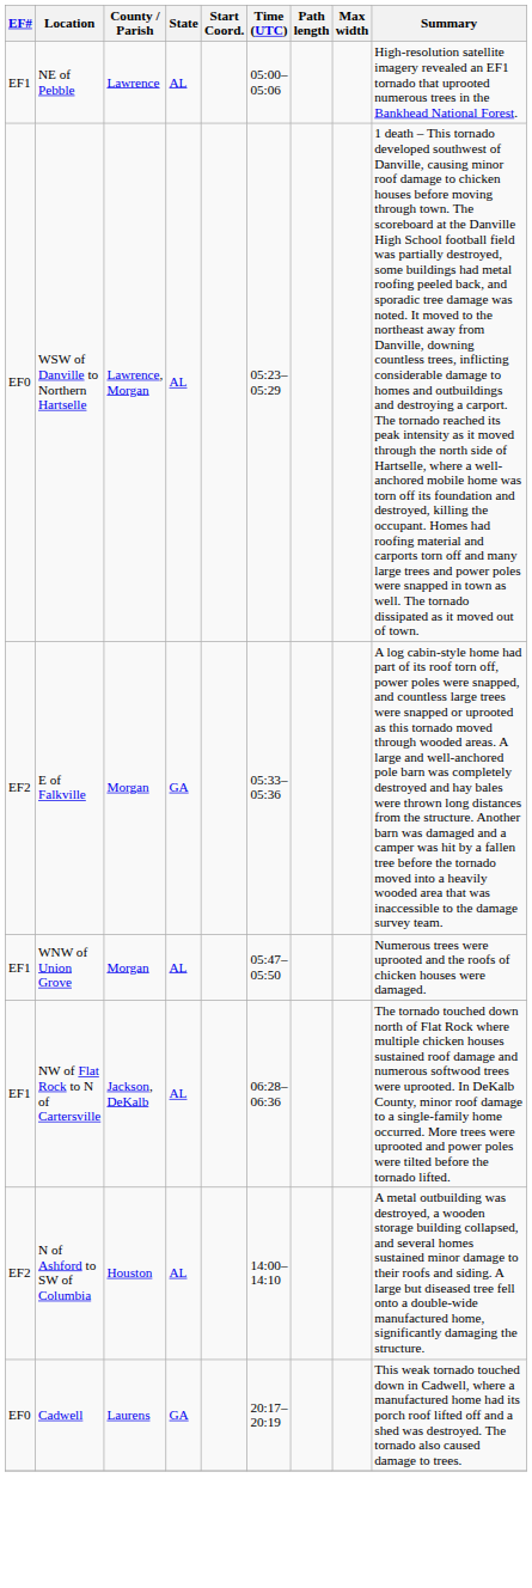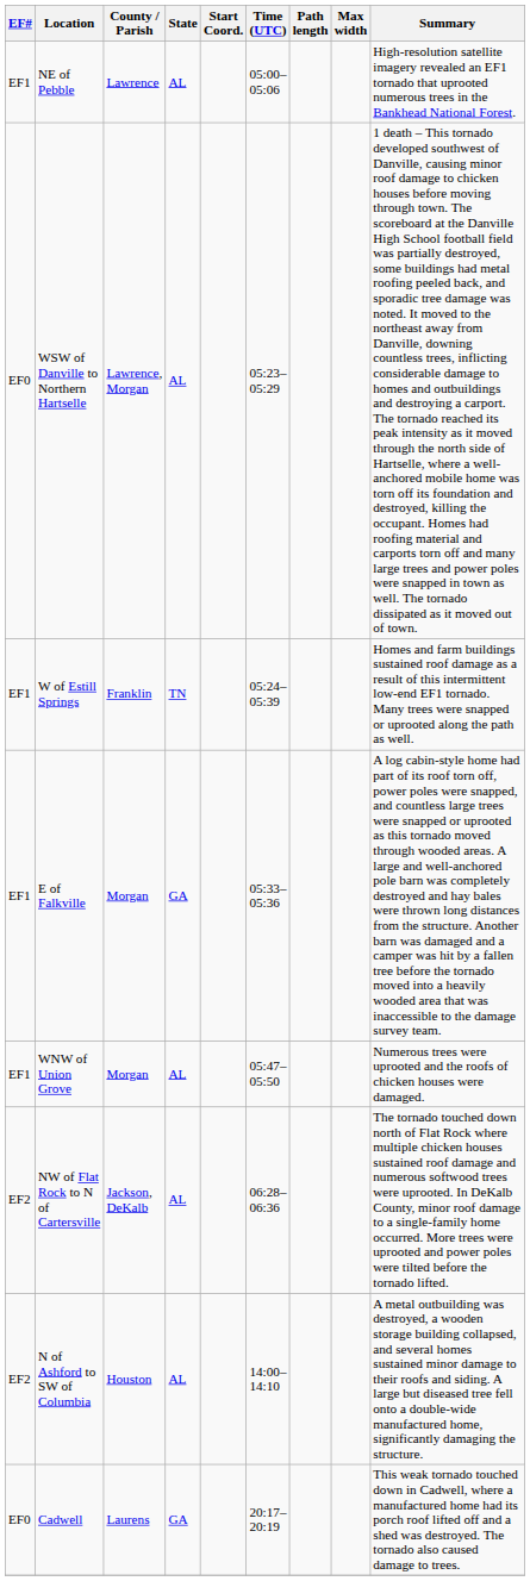 <table class="wikitable sortable" style="width:100%;">
 <tr>
 <th scope="col" style="width:3%; text-align:center;"><a href='#'>EF#</a></th>
 <th scope="col" style="width:7%; text-align:center;" class="unsortable">Location</th>
 <th scope="col" style="width:6%; text-align:center;" class="unsortable">County / Parish</th>
 <th scope="col" style="width:5%; text-align:center;">State</th>
 <th scope="col" style="width:6%; text-align:center;">Start Coord.</th>
 <th scope="col" style="width:6%; text-align:center;">Time (<a href='#'>UTC</a>)</th>
 <th scope="col" style="width:6%; text-align:center;">Path length</th>
 <th scope="col" style="width:6%; text-align:center;">Max width</th>
 <th scope="col" class="unsortable" style="width:48%; text-align:center;">Summary</th>
 </tr>
 <tr>
 <td>EF1</td>
 <td>NE of <a href='#'>Pebble</a></td>
 <td><a href='#'>Lawrence</a></td>
 <td><a href='#'>AL</a></td>
 <td></td>
 <td>05:00–05:06</td>
 <td></td>
 <td></td>
 <td>High-resolution satellite imagery revealed an EF1 tornado that uprooted numerous trees in the <a href='#'>Bankhead National Forest</a>.</td>
 </tr>
 <tr>
 <td>EF0</td>
 <td>WSW of <a href='#'>Danville</a> to Northern <a href='#'>Hartselle</a></td>
 <td><a href='#'>Lawrence</a>, <a href='#'>Morgan</a></td>
 <td><a href='#'>AL</a></td>
 <td></td>
 <td>05:23–05:29</td>
 <td></td>
 <td></td>
 <td>1 death – This tornado developed southwest of Danville, causing minor roof damage to chicken houses before moving through town. The scoreboard at the Danville High School football field was partially destroyed, some buildings had metal roofing peeled back, and sporadic tree damage was noted. It moved to the northeast away from Danville, downing countless trees, inflicting considerable damage to homes and outbuildings and destroying a carport. The tornado reached its peak intensity as it moved through the north side of Hartselle, where a well-anchored mobile home was torn off its foundation and destroyed, killing the occupant. Homes had roofing material and carports torn off and many large trees and power poles were snapped in town as well. The tornado dissipated as it moved out of town.</td>
 </tr>
 <tr>
-<td>EF2</td>
+<td>EF1</td>
+<td>W of <a href='#'>Estill Springs</a></td>
+<td><a href='#'>Franklin</a></td>
+<td><a href='#'>TN</a></td>
+<td></td>
+<td>05:24–05:39</td>
+<td></td>
+<td></td>
+<td>Homes and farm buildings sustained roof damage as a result of this intermittent low-end EF1 tornado. Many trees were snapped or uprooted along the path as well.</td>
+</tr>
+<tr>
+<td>EF1</td>
 <td>E of <a href='#'>Falkville</a></td>
 <td><a href='#'>Morgan</a></td>
 <td><a href='#'>GA</a></td>
 <td></td>
 <td>05:33–05:36</td>
 <td></td>
 <td></td>
 <td>A log cabin-style home had part of its roof torn off, power poles were snapped, and countless large trees were snapped or uprooted as this tornado moved through wooded areas. A large and well-anchored pole barn was completely destroyed and  hay bales were thrown long distances from the structure. Another barn was damaged and a camper was hit by a fallen tree before the tornado moved into a heavily wooded area that was inaccessible to the damage survey team.</td>
 </tr>
 <tr>
 <td>EF1</td>
 <td>WNW of <a href='#'>Union Grove</a></td>
 <td><a href='#'>Morgan</a></td>
 <td><a href='#'>AL</a></td>
 <td></td>
 <td>05:47–05:50</td>
 <td></td>
 <td></td>
 <td>Numerous trees were uprooted and the roofs of chicken houses were damaged.</td>
 </tr>
 <tr>
-<td>EF1</td>
+<td>EF2</td>
 <td>NW of <a href='#'>Flat Rock</a> to N of <a href='#'>Cartersville</a></td>
 <td><a href='#'>Jackson</a>, <a href='#'>DeKalb</a></td>
 <td><a href='#'>AL</a></td>
 <td></td>
 <td>06:28–06:36</td>
 <td></td>
 <td></td>
 <td>The tornado touched down north of Flat Rock where multiple chicken houses sustained roof damage and numerous softwood trees were uprooted. In DeKalb County, minor roof damage to a single-family home occurred. More trees were uprooted and power poles were tilted before the tornado lifted.</td>
 </tr>
 <tr>
 <td>EF2</td>
 <td>N of <a href='#'>Ashford</a> to SW of <a href='#'>Columbia</a></td>
 <td><a href='#'>Houston</a></td>
 <td><a href='#'>AL</a></td>
 <td></td>
 <td>14:00–14:10</td>
 <td></td>
 <td></td>
 <td>A metal outbuilding was destroyed, a wooden storage building collapsed, and several homes sustained minor damage to their roofs and siding. A large but diseased tree fell onto a double-wide manufactured home, significantly damaging the structure.</td>
 </tr>
 <tr>
 <td>EF0</td>
 <td><a href='#'>Cadwell</a></td>
 <td><a href='#'>Laurens</a></td>
 <td><a href='#'>GA</a></td>
 <td></td>
 <td>20:17–20:19</td>
 <td></td>
 <td></td>
 <td>This weak tornado touched down in Cadwell, where a manufactured home had its porch roof lifted off and a shed was destroyed. The tornado also caused damage to trees.</td>
 </tr>
 <tr>
 </tr>
 </table>
